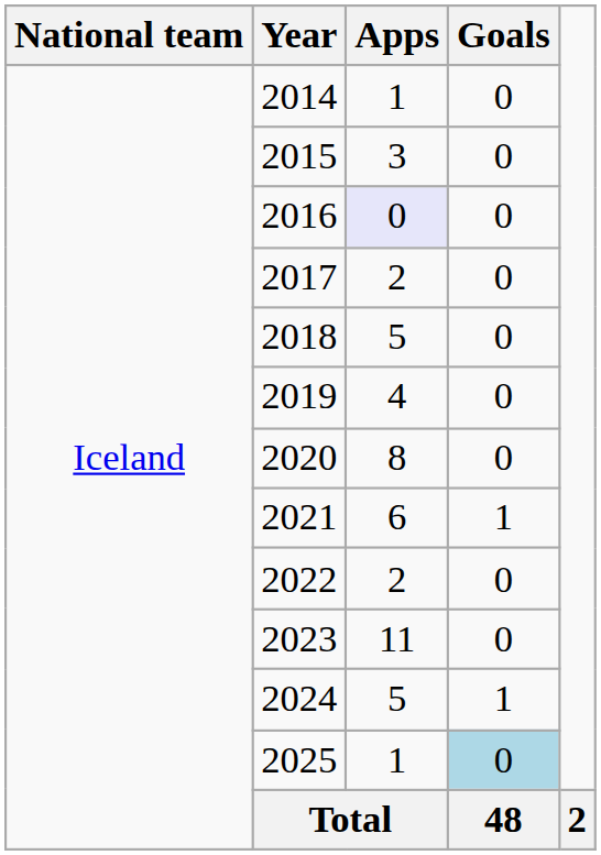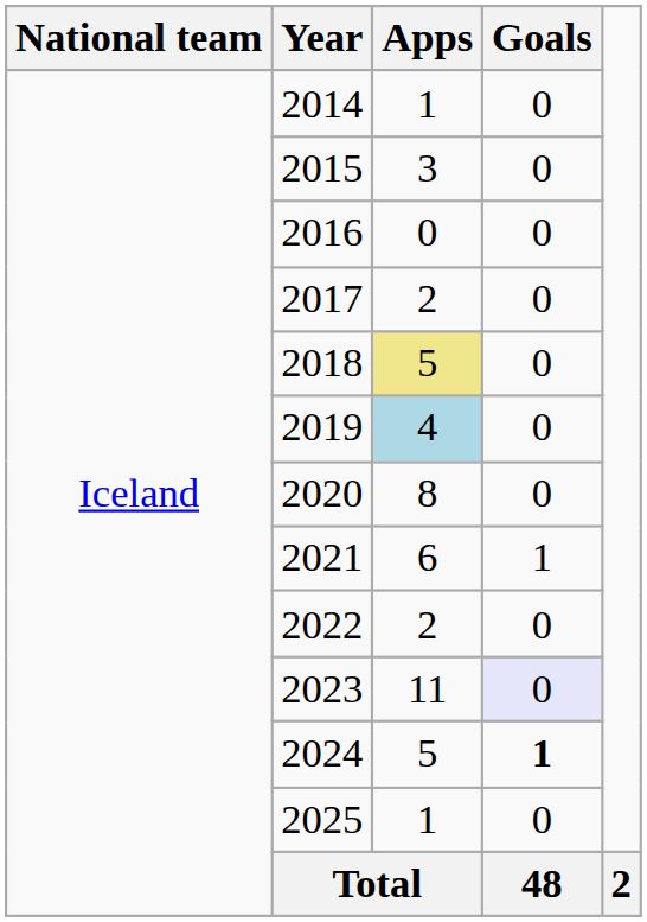 <table class="wikitable" style="text-align:center">
 <tr>
 <th>National team</th>
 <th>Year</th>
 <th>Apps</th>
 <th>Goals</th>
 </tr>
 <tr>
 <td rowspan="15"><a href='#'>Iceland</a></td>
 <td>2014</td>
 <td>1</td>
 <td>0</td>
 </tr>
 <tr>
 <td>2015</td>
 <td>3</td>
 <td>0</td>
 </tr>
 <tr>
 <td>2016</td>
-<td style="background: lavender;">0</td>
+<td>0</td>
 <td>0</td>
 </tr>
 <tr>
 <td>2017</td>
 <td>2</td>
 <td>0</td>
 </tr>
 <tr>
 <td>2018</td>
-<td>5</td>
+<td style="background: khaki;">5</td>
 <td>0</td>
 </tr>
 <tr>
 <td>2019</td>
-<td>4</td>
+<td style="background: lightblue;">4</td>
 <td>0</td>
 </tr>
 <tr>
 <td>2020</td>
 <td>8</td>
 <td>0</td>
 </tr>
 <tr>
 <td>2021</td>
 <td>6</td>
 <td>1</td>
 </tr>
 <tr>
 <td>2022</td>
 <td>2</td>
 <td>0</td>
 </tr>
 <tr>
 <td>2023</td>
 <td>11</td>
-<td>0</td>
+<td style="background: lavender;">0</td>
 </tr>
 <tr>
 <td>2024</td>
 <td>5</td>
-<td>1</td>
+<td><strong>1</strong></td>
 </tr>
 <tr>
 <td>2025</td>
 <td>1</td>
-<td style="background: lightblue;">0</td>
+<td>0</td>
 </tr>
 <tr>
 <th colspan="2">Total</th>
 <th>48</th>
 <th>2</th>
 </tr>
 </table>
